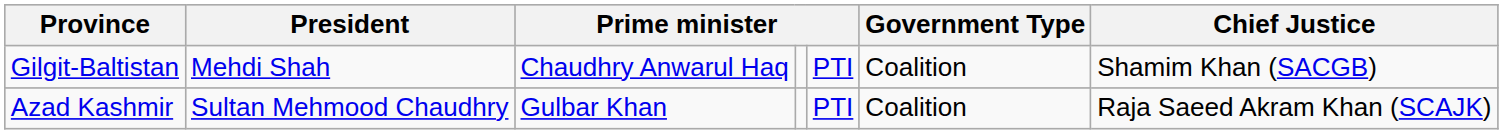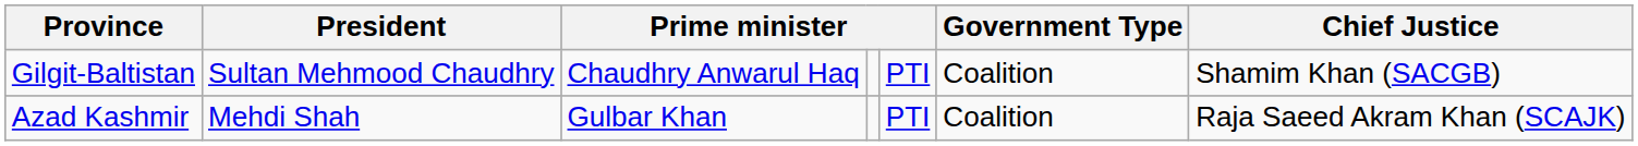 <table class="wikitable sortable">
 <tr>
 <th>Province</th>
 <th>President</th>
 <th colspan="3">Prime minister</th>
 <th>Government Type</th>
 <th>Chief Justice</th>
 </tr>
 <tr>
 <td><a href='#'>Gilgit-Baltistan</a></td>
-<td><a href='#'>Mehdi Shah</a></td>
+<td><a href='#'>Sultan Mehmood Chaudhry</a></td>
 <td><a href='#'>Chaudhry Anwarul Haq</a></td>
 <td style="background-color: "></td>
 <td><a href='#'>PTI</a></td>
 <td>Coalition</td>
 <td>Shamim Khan (<a href='#'>SACGB</a>)</td>
 </tr>
 <tr>
 <td><a href='#'>Azad Kashmir</a></td>
-<td><a href='#'>Sultan Mehmood Chaudhry</a></td>
+<td><a href='#'>Mehdi Shah</a></td>
 <td><a href='#'>Gulbar Khan</a></td>
 <td style="background-color: "></td>
 <td><a href='#'>PTI</a></td>
 <td>Coalition</td>
 <td>Raja Saeed Akram Khan (<a href='#'>SCAJK</a>)</td>
 </tr>
 </table>
